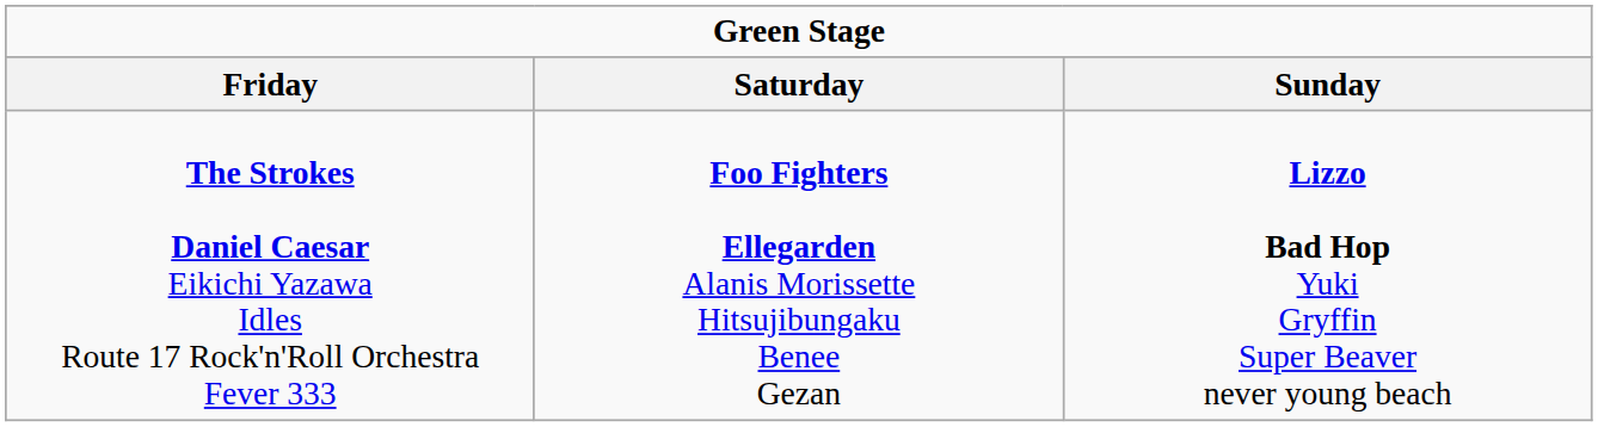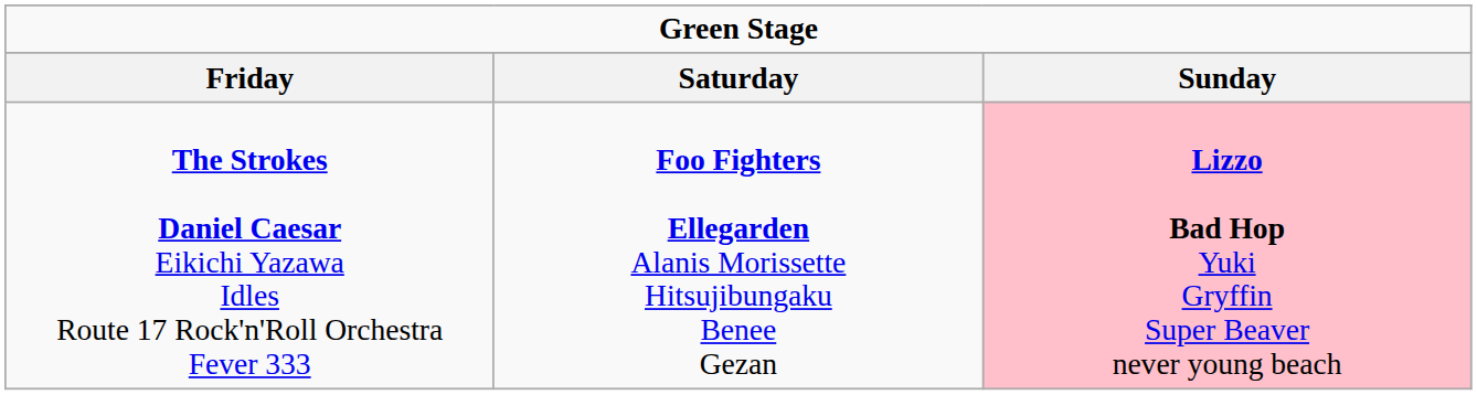 <table class="wikitable">
 <tr>
 <td colspan="3" style="text-align:center;"><strong>Green Stage</strong></td>
 </tr>
 <tr>
 <th>Friday</th>
 <th>Saturday</th>
 <th>Sunday</th>
 </tr>
 <tr>
 <td style="text-align:center; vertical-align:top; width:250px;"><br><strong><a href='#'>The Strokes</a></strong> <br> <br> <strong><a href='#'>Daniel Caesar</a></strong> <br> <a href='#'>Eikichi Yazawa</a> <br> <a href='#'>Idles</a> <br> Route 17 Rock'n'Roll Orchestra <br> <a href='#'>Fever 333</a></td>
 <td style="text-align:center; vertical-align:top; width:250px;"><br><strong><a href='#'>Foo Fighters</a></strong> <br> <br> <strong><a href='#'>Ellegarden</a></strong> <br> <a href='#'>Alanis Morissette</a> <br> <a href='#'>Hitsujibungaku</a> <br> <a href='#'>Benee</a> <br> Gezan</td>
-<td style="text-align:center; vertical-align:top; width:250px;"><br><strong><a href='#'>Lizzo</a></strong> <br> <br> <strong> Bad Hop</strong> <br> <a href='#'>Yuki</a> <br> <a href='#'>Gryffin</a> <br> <a href='#'>Super Beaver</a> <br> never young beach</td>
+<td style="background: pink; text-align:center; vertical-align:top; width:250px;"><br><strong><a href='#'>Lizzo</a></strong> <br> <br> <strong> Bad Hop</strong> <br> <a href='#'>Yuki</a> <br> <a href='#'>Gryffin</a> <br> <a href='#'>Super Beaver</a> <br> never young beach</td>
 </tr>
 </table>
